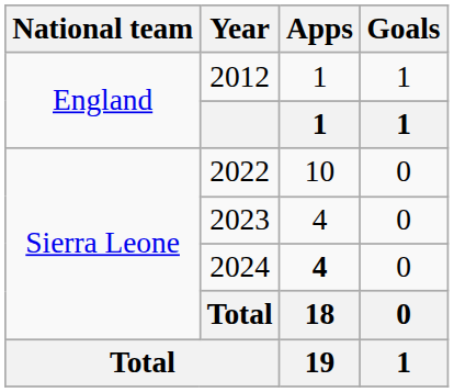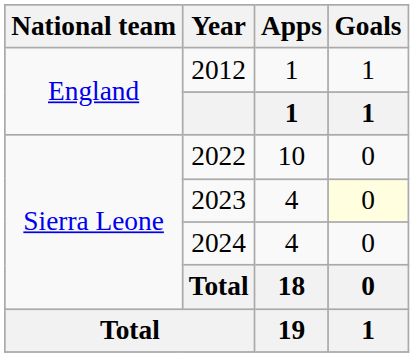 <table class=wikitable style="text-align:center">
 <tr>
 <th>National team</th>
 <th>Year</th>
 <th>Apps</th>
 <th>Goals</th>
 </tr>
 <tr>
 <td rowspan="2"><a href='#'>England</a></td>
 <td>2012</td>
 <td>1</td>
 <td>1</td>
 </tr>
 <tr>
 <th Total></th>
 <th>1</th>
 <th>1</th>
 </tr>
 <tr>
 <td rowspan="4"><a href='#'>Sierra Leone</a></td>
 <td>2022</td>
 <td>10</td>
 <td>0</td>
 </tr>
 <tr>
 <td>2023</td>
 <td>4</td>
-<td>0</td>
+<td style="background: lightyellow;">0</td>
 </tr>
 <tr>
 <td>2024</td>
-<td><strong>4</strong></td>
+<td>4</td>
 <td>0</td>
 </tr>
 <tr>
 <th>Total</th>
 <th>18</th>
 <th>0</th>
 </tr>
 <tr>
 <th colspan="2">Total</th>
 <th>19</th>
 <th>1</th>
 </tr>
 </table>
